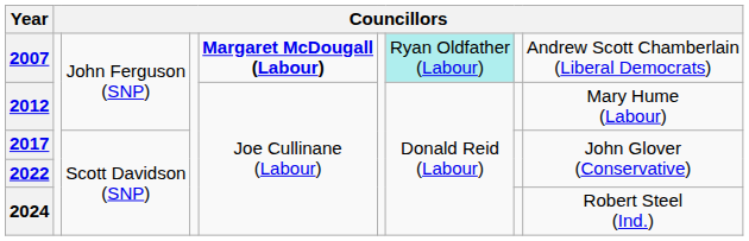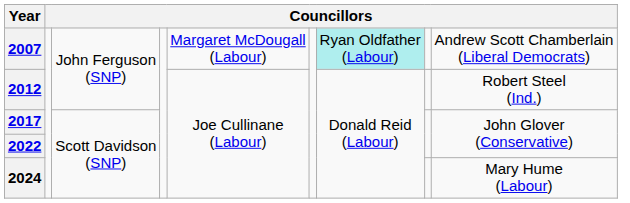 <table class="wikitable" style="text-align:center">
 <tr>
 <th>Year</th>
 <th colspan=8>Councillors</th>
 </tr>
 <tr>
 <th><a href='#'>2007</a></th>
 <td rowspan=5; style="background-color: "></td>
 <td rowspan=2>John Ferguson<br>(<a href='#'>SNP</a>)</td>
 <td rowspan=5; style="background-color: "></td>
-<td rowspan=1><strong><a href='#'>Margaret McDougall</a><br>(<a href='#'>Labour</a>)</strong></td>
+<td rowspan=1><a href='#'>Margaret McDougall</a><br>(<a href='#'>Labour</a>)</td>
 <td rowspan=5; style="background-color: "></td>
 <td rowspan=1 style="background: paleturquoise;">Ryan Oldfather<br>(<a href='#'>Labour</a>)</td>
 <td rowspan=1; style="background-color: "></td>
 <td rowspan=1>Andrew Scott Chamberlain<br>(<a href='#'>Liberal Democrats</a>)</td>
 </tr>
 <tr>
 <th><a href='#'>2012</a></th>
 <td rowspan=4>Joe Cullinane<br>(<a href='#'>Labour</a>)</td>
 <td rowspan=4>Donald Reid<br>(<a href='#'>Labour</a>)</td>
 <td rowspan=1; style="background-color: "></td>
-<td>Mary Hume<br>(<a href='#'>Labour</a>)</td>
+<td rowspan=1>Robert Steel<br>(<a href='#'>Ind.</a>)</td>
 </tr>
 <tr>
 <th><a href='#'>2017</a></th>
 <td rowspan=3>Scott Davidson<br>(<a href='#'>SNP</a>)</td>
 <td rowspan=2; style="background-color: "></td>
 <td rowspan=2>John Glover<br>(<a href='#'>Conservative</a>)</td>
 </tr>
 <tr>
 <th><a href='#'>2022</a></th>
 </tr>
 <tr>
 <th>2024</th>
 <td style="background-color: "></td>
-<td rowspan=1>Robert Steel<br>(<a href='#'>Ind.</a>)</td>
+<td>Mary Hume<br>(<a href='#'>Labour</a>)</td>
 </tr>
 </table>
